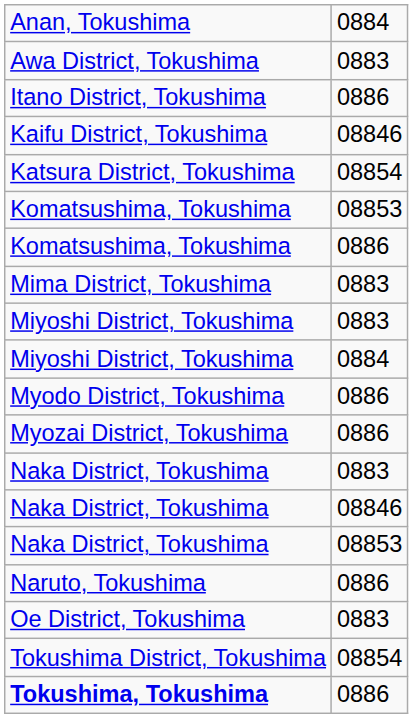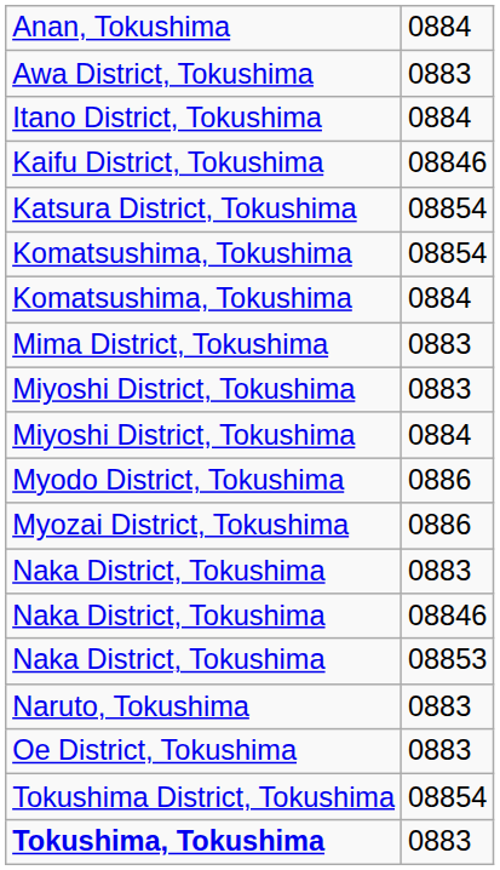 <table class="wikitable">
 <tr>
 <td><a href='#'>Anan, Tokushima</a></td>
 <td>0884</td>
 </tr>
 <tr>
 <td><a href='#'>Awa District, Tokushima</a></td>
 <td>0883</td>
 </tr>
 <tr>
 <td><a href='#'>Itano District, Tokushima</a></td>
-<td>0886</td>
+<td>0884</td>
 </tr>
 <tr>
 <td><a href='#'>Kaifu District, Tokushima</a></td>
 <td>08846</td>
 </tr>
 <tr>
 <td><a href='#'>Katsura District, Tokushima</a></td>
 <td>08854</td>
 </tr>
 <tr>
 <td><a href='#'>Komatsushima, Tokushima</a></td>
-<td>08853</td>
+<td>08854</td>
 </tr>
 <tr>
 <td><a href='#'>Komatsushima, Tokushima</a></td>
-<td>0886</td>
+<td>0884</td>
 </tr>
 <tr>
 <td><a href='#'>Mima District, Tokushima</a></td>
 <td>0883</td>
 </tr>
 <tr>
 <td><a href='#'>Miyoshi District, Tokushima</a></td>
 <td>0883</td>
 </tr>
 <tr>
 <td><a href='#'>Miyoshi District, Tokushima</a></td>
 <td>0884</td>
 </tr>
 <tr>
 <td><a href='#'>Myodo District, Tokushima</a></td>
 <td>0886</td>
 </tr>
 <tr>
 <td><a href='#'>Myozai District, Tokushima</a></td>
 <td>0886</td>
 </tr>
 <tr>
 <td><a href='#'>Naka District, Tokushima</a></td>
 <td>0883</td>
 </tr>
 <tr>
 <td><a href='#'>Naka District, Tokushima</a></td>
 <td>08846</td>
 </tr>
 <tr>
 <td><a href='#'>Naka District, Tokushima</a></td>
 <td>08853</td>
 </tr>
 <tr>
 <td><a href='#'>Naruto, Tokushima</a></td>
-<td>0886</td>
+<td>0883</td>
 </tr>
 <tr>
 <td><a href='#'>Oe District, Tokushima</a></td>
 <td>0883</td>
 </tr>
 <tr>
 <td><a href='#'>Tokushima District, Tokushima</a></td>
 <td>08854</td>
 </tr>
 <tr>
 <td><strong><a href='#'>Tokushima, Tokushima</a></strong></td>
-<td>0886</td>
+<td>0883</td>
 </tr>
 </table>
